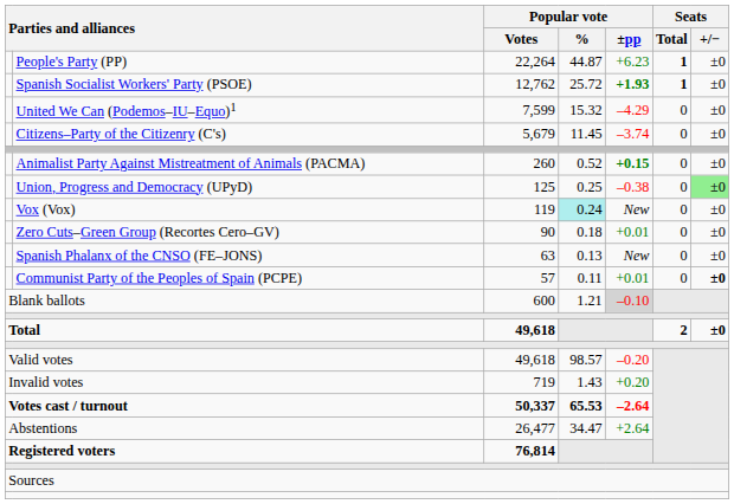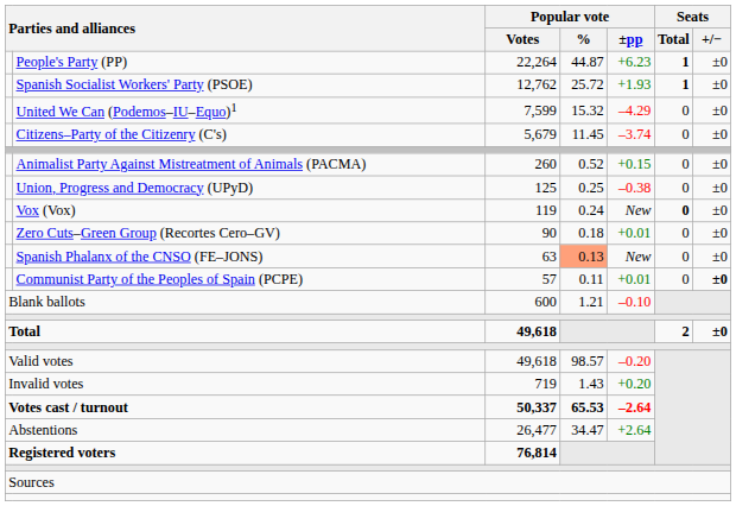 <table class="wikitable" style="text-align:right;">
 <tr>
 <th style="text-align:left;" rowspan="2" colspan="2" width="525">Parties and alliances</th>
 <th colspan="3">Popular vote</th>
 <th colspan="2">Seats</th>
 </tr>
 <tr>
 <th width="75">Votes</th>
 <th width="45">%</th>
 <th width="45">±<a href='#'>pp</a></th>
 <th width="35">Total</th>
 <th width="35">+/−</th>
 </tr>
 <tr>
 <td width="1" style="color:inherit;background:"></td>
 <td align="left"><a href='#'>People's Party</a> (PP)</td>
 <td>22,264</td>
 <td>44.87</td>
 <td style="color:green;">+6.23</td>
 <td><strong>1</strong></td>
 <td>±0</td>
 </tr>
 <tr>
 <td style="color:inherit;background:"></td>
 <td align="left"><a href='#'>Spanish Socialist Workers' Party</a> (PSOE)</td>
 <td>12,762</td>
 <td>25.72</td>
-<td style="color:green;"><strong>+1.93</strong></td>
+<td style="color:green;">+1.93</td>
 <td><strong>1</strong></td>
 <td>±0</td>
 </tr>
 <tr>
 <td style="color:inherit;background:"></td>
 <td align="left"><a href='#'>United We Can</a> (<a href='#'>Podemos</a>–<a href='#'>IU</a>–<a href='#'>Equo</a>)<sup>1</sup></td>
 <td>7,599</td>
 <td>15.32</td>
 <td style="color:red;">–4.29</td>
 <td>0</td>
 <td>±0</td>
 </tr>
 <tr>
 <td style="color:inherit;background:"></td>
 <td align="left"><a href='#'>Citizens–Party of the Citizenry</a> (C's)</td>
 <td>5,679</td>
 <td>11.45</td>
 <td style="color:red;">–3.74</td>
 <td>0</td>
 <td>±0</td>
 </tr>
 <tr>
 <td colspan="7" bgcolor="#C0C0C0"></td>
 </tr>
 <tr>
 <td style="color:inherit;background:"></td>
 <td align="left"><a href='#'>Animalist Party Against Mistreatment of Animals</a> (PACMA)</td>
 <td>260</td>
 <td>0.52</td>
-<td style="color:green;"><strong>+0.15</strong></td>
+<td style="color:green;">+0.15</td>
 <td>0</td>
 <td>±0</td>
 </tr>
 <tr>
 <td style="color:inherit;background:"></td>
 <td align="left"><a href='#'>Union, Progress and Democracy</a> (UPyD)</td>
 <td>125</td>
 <td>0.25</td>
 <td style="color:red;">–0.38</td>
 <td>0</td>
-<td style="background: lightgreen;">±0</td>
+<td>±0</td>
 </tr>
 <tr>
 <td style="color:inherit;background:"></td>
 <td align="left"><a href='#'>Vox</a> (Vox)</td>
 <td>119</td>
-<td style="background: paleturquoise;">0.24</td>
+<td>0.24</td>
 <td><em>New</em></td>
-<td>0</td>
+<td><strong>0</strong></td>
 <td>±0</td>
 </tr>
 <tr>
 <td style="color:inherit;background:"></td>
 <td align="left"><a href='#'>Zero Cuts</a>–<a href='#'>Green Group</a> (Recortes Cero–GV)</td>
 <td>90</td>
 <td>0.18</td>
 <td style="color:green;">+0.01</td>
 <td>0</td>
 <td>±0</td>
 </tr>
 <tr>
 <td style="color:inherit;background:"></td>
 <td align="left"><a href='#'>Spanish Phalanx of the CNSO</a> (FE–JONS)</td>
 <td>63</td>
-<td>0.13</td>
+<td style="background: lightsalmon;">0.13</td>
 <td><em>New</em></td>
 <td>0</td>
 <td>±0</td>
 </tr>
 <tr>
 <td style="color:inherit;background:"></td>
 <td align="left"><a href='#'>Communist Party of the Peoples of Spain</a> (PCPE)</td>
 <td>57</td>
 <td>0.11</td>
 <td style="color:green;">+0.01</td>
 <td>0</td>
 <td><strong>±0</strong></td>
 </tr>
 <tr>
 <td align="left" colspan="2">Blank ballots</td>
 <td>600</td>
 <td>1.21</td>
-<td style="background: lightgrey; color:red;">–0.10</td>
+<td style="color:red;">–0.10</td>
 <td bgcolor="#E9E9E9" colspan="2"></td>
 </tr>
 <tr>
 <td colspan="7" bgcolor="#E9E9E9"></td>
 </tr>
 <tr style="font-weight:bold;">
 <td align="left" colspan="2">Total</td>
 <td>49,618</td>
 <td bgcolor="#E9E9E9" colspan="2"></td>
 <td>2</td>
 <td>±0</td>
 </tr>
 <tr>
 <td colspan="7" bgcolor="#E9E9E9"></td>
 </tr>
 <tr>
 <td align="left" colspan="2">Valid votes</td>
 <td>49,618</td>
 <td>98.57</td>
 <td style="color:red;">–0.20</td>
 <td bgcolor="#E9E9E9" colspan="2" rowspan="5"></td>
 </tr>
 <tr>
 <td align="left" colspan="2">Invalid votes</td>
 <td>719</td>
 <td>1.43</td>
 <td style="color:green;">+0.20</td>
 </tr>
 <tr style="font-weight:bold;">
 <td align="left" colspan="2">Votes cast / turnout</td>
 <td>50,337</td>
 <td>65.53</td>
 <td style="color:red;">–2.64</td>
 </tr>
 <tr>
 <td align="left" colspan="2">Abstentions</td>
 <td>26,477</td>
 <td>34.47</td>
 <td style="color:green;">+2.64</td>
 </tr>
 <tr style="font-weight:bold;">
 <td align="left" colspan="2">Registered voters</td>
 <td>76,814</td>
 <td bgcolor="#E9E9E9" colspan="2"></td>
 </tr>
 <tr>
 <td colspan="7" bgcolor="#E9E9E9"></td>
 </tr>
 <tr>
 <td align="left" colspan="7">Sources</td>
 </tr>
 <tr>
 <td colspan="7" style="text-align:left; max-width:790px;"></td>
 </tr>
 </table>
